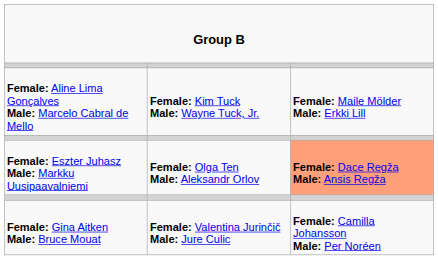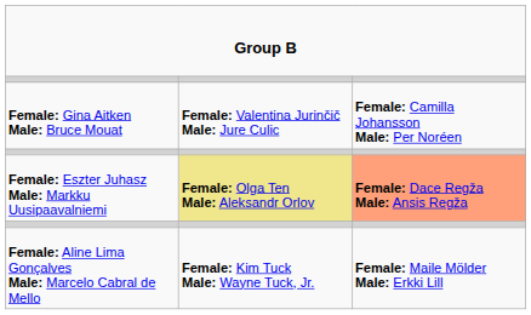 <table class="wikitable">
 <tr>
 <td align=center colspan="3"><br><h3>Group B</h3></td>
+</tr>
+<tr>
+<th style="background: #D3D3D3;" width=200></th>
+<th style="background: #D3D3D3;" width=200></th>
+<th style="background: #D3D3D3;" width=200></th>
+</tr>
+<tr>
+<td><br><strong>Female:</strong> <a href='#'>Gina Aitken</a><br> <strong>Male:</strong> <a href='#'>Bruce Mouat</a></td>
+<td><br><strong>Female:</strong> <a href='#'>Valentina Jurinčič</a><br> <strong>Male:</strong> <a href='#'>Jure Culic</a></td>
+<td><br><strong>Female:</strong> <a href='#'>Camilla Johansson</a><br> <strong>Male:</strong> <a href='#'>Per Noréen</a></td>
+</tr>
+<tr>
+<th style="background: #D3D3D3;" width=200></th>
+<th style="background: #D3D3D3;" width=200></th>
+<th style="background: #D3D3D3;" width=200></th>
+</tr>
+<tr>
+<td><br><strong>Female:</strong> <a href='#'>Eszter Juhasz</a><br> <strong>Male:</strong> <a href='#'>Markku Uusipaavalniemi</a></td>
+<td style="background: khaki;"><br><strong>Female:</strong> <a href='#'>Olga Ten</a><br> <strong>Male:</strong> <a href='#'>Aleksandr Orlov</a></td>
+<td style="background: lightsalmon;"><br><strong>Female:</strong> <a href='#'>Dace Regža</a><br> <strong>Male:</strong> <a href='#'>Ansis Regža</a></td>
 </tr>
 <tr>
 <th style="background: #D3D3D3;" width=200></th>
 <th style="background: #D3D3D3;" width=200></th>
 <th style="background: #D3D3D3;" width=200></th>
 </tr>
 <tr>
 <td><br><strong>Female:</strong> <a href='#'>Aline Lima Gonçalves</a><br> <strong>Male:</strong> <a href='#'>Marcelo Cabral de Mello</a><br></td>
 <td><br><strong>Female:</strong> <a href='#'>Kim Tuck</a><br> <strong>Male:</strong> <a href='#'>Wayne Tuck, Jr.</a></td>
 <td><br><strong>Female:</strong> <a href='#'>Maile Mölder</a><br> <strong>Male:</strong> <a href='#'>Erkki Lill</a></td>
 </tr>
-<tr>
-<th style="background: #D3D3D3;" width=200></th>
-<th style="background: #D3D3D3;" width=200></th>
-<th style="background: #D3D3D3;" width=200></th>
-</tr>
-<tr>
-<td><br><strong>Female:</strong> <a href='#'>Eszter Juhasz</a><br> <strong>Male:</strong> <a href='#'>Markku Uusipaavalniemi</a></td>
-<td><br><strong>Female:</strong> <a href='#'>Olga Ten</a><br> <strong>Male:</strong> <a href='#'>Aleksandr Orlov</a></td>
-<td style="background: lightsalmon;"><br><strong>Female:</strong> <a href='#'>Dace Regža</a><br> <strong>Male:</strong> <a href='#'>Ansis Regža</a></td>
-</tr>
-<tr>
-<th style="background: #D3D3D3;" width=200></th>
-<th style="background: #D3D3D3;" width=200></th>
-<th style="background: #D3D3D3;" width=200></th>
-</tr>
-<tr>
-<td><br><strong>Female:</strong> <a href='#'>Gina Aitken</a><br> <strong>Male:</strong> <a href='#'>Bruce Mouat</a></td>
-<td><br><strong>Female:</strong> <a href='#'>Valentina Jurinčič</a><br> <strong>Male:</strong> <a href='#'>Jure Culic</a></td>
-<td><br><strong>Female:</strong> <a href='#'>Camilla Johansson</a><br> <strong>Male:</strong> <a href='#'>Per Noréen</a></td>
-</tr>
 </table>
